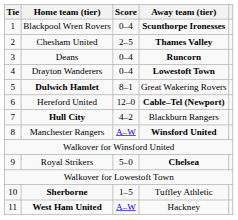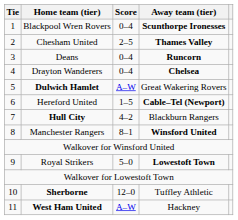 <table class="wikitable" style="text-align:center; font-size:85%">
 <tr>
 <th>Tie</th>
 <th>Home team (tier)</th>
 <th>Score</th>
 <th>Away team (tier)</th>
 <th></th>
 </tr>
 <tr>
 <td align="center">1</td>
 <td>Blackpool Wren Rovers</td>
 <td align="center">0–4</td>
 <td><strong>Scunthorpe Ironesses</strong></td>
 <td></td>
 </tr>
 <tr>
 <td align="center">2</td>
 <td>Chesham United</td>
 <td align="center">2–5</td>
 <td><strong>Thames Valley</strong></td>
 <td></td>
 </tr>
 <tr>
 <td align="center">3</td>
 <td>Deans</td>
 <td align="center">0–4</td>
 <td><strong>Runcorn</strong></td>
 <td></td>
 </tr>
 <tr>
 <td align="center">4</td>
 <td>Drayton Wanderers</td>
 <td align="center">0–4</td>
-<td><strong>Lowestoft Town</strong></td>
+<td><strong>Chelsea</strong></td>
 <td></td>
 </tr>
 <tr>
 <td align="center">5</td>
 <td><strong>Dulwich Hamlet</strong></td>
-<td align="center">8–1</td>
+<td align="center"><a href='#'>A–W</a></td>
 <td>Great Wakering Rovers</td>
 <td></td>
 </tr>
 <tr>
 <td align="center">6</td>
 <td>Hereford United</td>
-<td align="center">12–0</td>
+<td align="center">1–5</td>
 <td><strong>Cable–Tel (Newport)</strong></td>
 <td></td>
 </tr>
 <tr>
 <td align="center">7</td>
 <td><strong>Hull City</strong></td>
 <td align="center">4–2</td>
 <td>Blackburn Rangers</td>
 <td></td>
 </tr>
 <tr>
 <td align="center">8</td>
 <td>Manchester Rangers</td>
-<td align="center"><a href='#'>A–W</a></td>
+<td align="center">8–1</td>
 <td><strong>Winsford United</strong></td>
 <td></td>
 </tr>
 <tr>
 <td colspan="5" align="center">Walkover for Winsford United</td>
 </tr>
 <tr>
 <td align="center">9</td>
 <td>Royal Strikers</td>
 <td align="center">5–0</td>
-<td><strong>Chelsea</strong></td>
+<td><strong>Lowestoft Town</strong></td>
 <td></td>
 </tr>
 <tr>
 <td colspan="5" align="center">Walkover for Lowestoft Town</td>
 </tr>
 <tr>
 <td align="center">10</td>
 <td><strong>Sherborne</strong></td>
-<td align="center">1–5</td>
+<td align="center">12–0</td>
 <td>Tuffley Athletic</td>
 <td></td>
 </tr>
 <tr>
 <td align="center">11</td>
 <td><strong>West Ham United</strong></td>
 <td align="center"><a href='#'>A–W</a></td>
 <td>Hackney</td>
 <td></td>
 </tr>
 </table>
